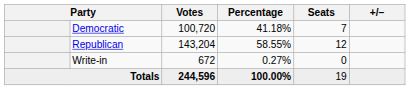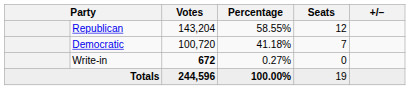 <table class="wikitable" style="font-size: 95%;">
 <tr>
 <th colspan="2" style="width: 15em">Party</th>
 <th style="width: 5em">Votes</th>
 <th style="width: 7em">Percentage</th>
 <th style="width: 5em">Seats</th>
 <th style="width: 5em">+/–</th>
+</tr>
+<tr>
+<th style="background:"></th>
+<td style="width: 130px"><a href='#'>Republican</a></td>
+<td style="text-align:right;">143,204</td>
+<td style="text-align:right;">58.55%</td>
+<td style="text-align:right;">12</td>
+<td style="text-align:right;"></td>
 </tr>
 <tr>
 <th style="background:"></th>
 <td style="width: 130px"><a href='#'>Democratic</a></td>
 <td style="text-align:right;">100,720</td>
 <td style="text-align:right;">41.18%</td>
 <td style="text-align:right;">7</td>
 <td style="text-align:right;"></td>
 </tr>
 <tr>
 <th style="background:"></th>
-<td style="width: 130px"><a href='#'>Republican</a></td>
-<td style="text-align:right;">143,204</td>
-<td style="text-align:right;">58.55%</td>
-<td style="text-align:right;">12</td>
-<td style="text-align:right;"></td>
-</tr>
-<tr>
-<th style="background:"></th>
 <td style="width: 130px">Write-in</td>
-<td style="text-align:right;">672</td>
+<td style="text-align:right;"><strong>672</strong></td>
 <td style="text-align:right;">0.27%</td>
 <td style="text-align:right;">0</td>
 <td style="text-align:right;"></td>
 </tr>
 <tr style="background:#eee; text-align:right;">
 <td colspan="2"><strong>Totals</strong></td>
 <td><strong>244,596</strong></td>
 <td><strong>100.00%</strong></td>
 <td>19</td>
 <td></td>
 </tr>
 </table>
